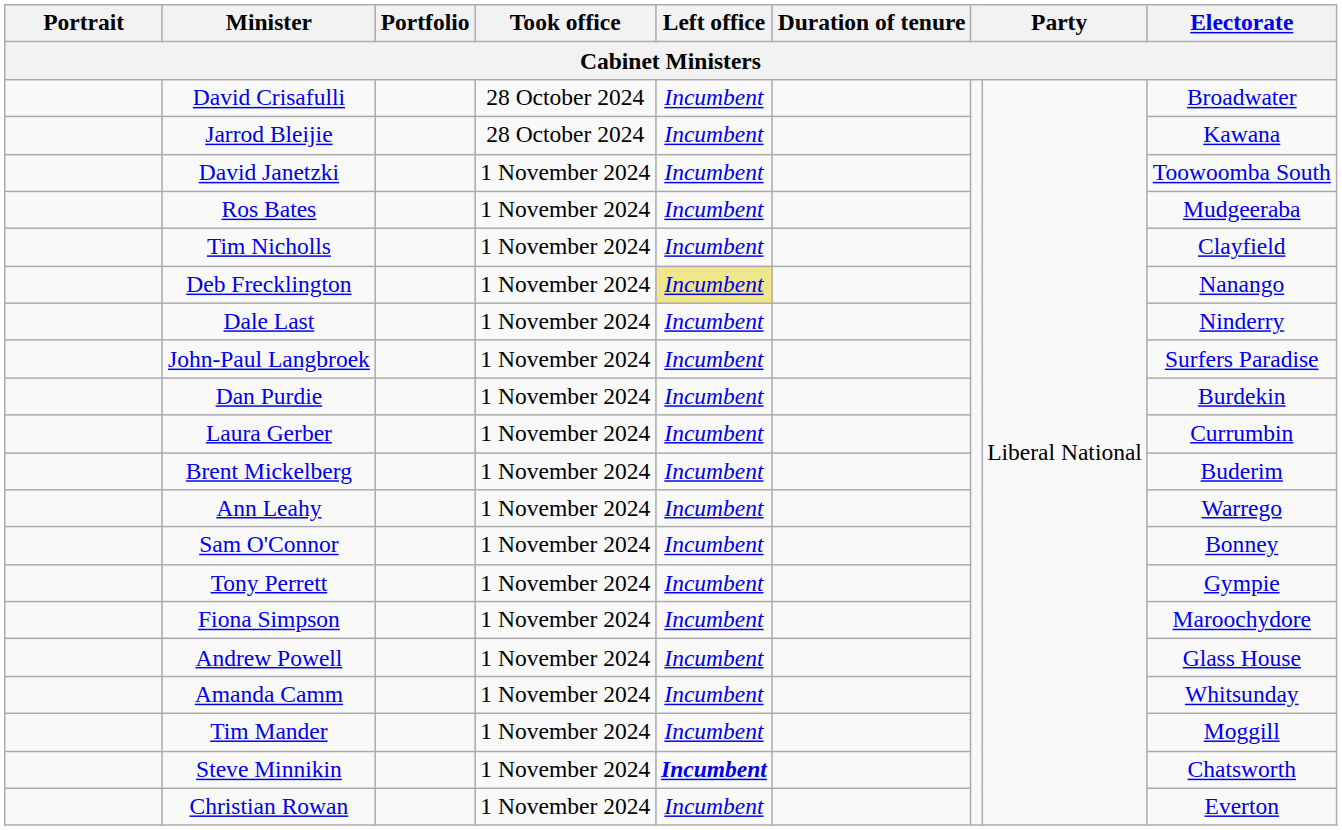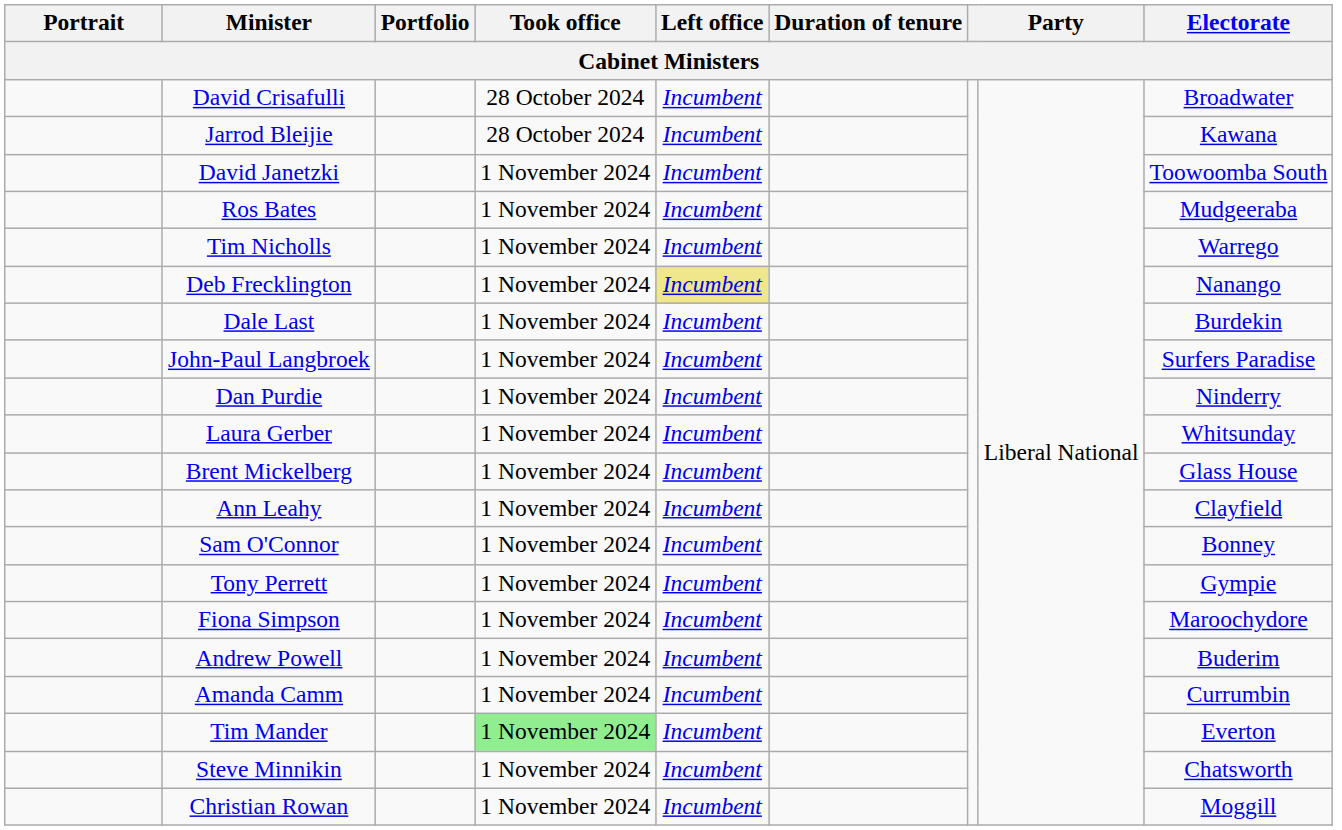 <table class="wikitable sortable" style="border:#555; text-align:center; ">
 <tr>
 <th class="unsortable" style="width:100px;">Portrait</th>
 <th>Minister</th>
 <th>Portfolio</th>
 <th>Took office</th>
 <th>Left office</th>
 <th>Duration of tenure</th>
 <th colspan="2" class="unsortable" style="width:5px;">Party</th>
 <th><a href='#'>Electorate</a></th>
 </tr>
 <tr>
 <th colspan="9">Cabinet Ministers</th>
 </tr>
 <tr>
 <td></td>
 <td><a href='#'>David Crisafulli</a></td>
 <td></td>
 <td>28 October 2024</td>
 <td><em><a href='#'>Incumbent</a></em></td>
 <td></td>
 <td rowspan=20; style="background-color: "></td>
 <td rowspan="20">Liberal National</td>
 <td><a href='#'>Broadwater</a></td>
 </tr>
 <tr>
 <td></td>
 <td><a href='#'>Jarrod Bleijie</a></td>
 <td></td>
 <td>28 October 2024</td>
 <td><em><a href='#'>Incumbent</a></em></td>
 <td></td>
 <td><a href='#'>Kawana</a></td>
 </tr>
 <tr>
 <td></td>
 <td><a href='#'>David Janetzki</a></td>
 <td></td>
 <td>1 November 2024</td>
 <td><em><a href='#'>Incumbent</a></em></td>
 <td></td>
 <td><a href='#'>Toowoomba South</a></td>
 </tr>
 <tr>
 <td></td>
 <td><a href='#'>Ros Bates</a></td>
 <td></td>
 <td>1 November 2024</td>
 <td><em><a href='#'>Incumbent</a></em></td>
 <td></td>
 <td><a href='#'>Mudgeeraba</a></td>
 </tr>
 <tr>
 <td></td>
 <td><a href='#'>Tim Nicholls</a></td>
 <td></td>
 <td>1 November 2024</td>
 <td><em><a href='#'>Incumbent</a></em></td>
 <td></td>
-<td><a href='#'>Clayfield</a></td>
+<td><a href='#'>Warrego</a></td>
 </tr>
 <tr>
 <td></td>
 <td><a href='#'>Deb Frecklington</a></td>
 <td></td>
 <td>1 November 2024</td>
 <td style="background: khaki;"><em><a href='#'>Incumbent</a></em></td>
 <td></td>
 <td><a href='#'>Nanango</a></td>
 </tr>
 <tr>
 <td></td>
 <td><a href='#'>Dale Last</a></td>
 <td></td>
 <td>1 November 2024</td>
 <td><em><a href='#'>Incumbent</a></em></td>
 <td></td>
-<td><a href='#'>Ninderry</a></td>
+<td><a href='#'>Burdekin</a></td>
 </tr>
 <tr>
 <td></td>
 <td><a href='#'>John-Paul Langbroek</a></td>
 <td></td>
 <td>1 November 2024</td>
 <td><em><a href='#'>Incumbent</a></em></td>
 <td></td>
 <td><a href='#'>Surfers Paradise</a></td>
 </tr>
 <tr>
 <td></td>
 <td><a href='#'>Dan Purdie</a></td>
 <td></td>
 <td>1 November 2024</td>
 <td><em><a href='#'>Incumbent</a></em></td>
 <td></td>
-<td><a href='#'>Burdekin</a></td>
+<td><a href='#'>Ninderry</a></td>
 </tr>
 <tr>
 <td></td>
 <td><a href='#'>Laura Gerber</a></td>
 <td></td>
 <td>1 November 2024</td>
 <td><em><a href='#'>Incumbent</a></em></td>
 <td></td>
-<td><a href='#'>Currumbin</a></td>
+<td><a href='#'>Whitsunday</a></td>
 </tr>
 <tr>
 <td></td>
 <td><a href='#'>Brent Mickelberg</a></td>
 <td></td>
 <td>1 November 2024</td>
 <td><em><a href='#'>Incumbent</a></em></td>
 <td></td>
-<td><a href='#'>Buderim</a></td>
+<td><a href='#'>Glass House</a></td>
 </tr>
 <tr>
 <td></td>
 <td><a href='#'>Ann Leahy</a></td>
 <td></td>
 <td>1 November 2024</td>
 <td><em><a href='#'>Incumbent</a></em></td>
 <td></td>
-<td><a href='#'>Warrego</a></td>
+<td><a href='#'>Clayfield</a></td>
 </tr>
 <tr>
 <td></td>
 <td><a href='#'>Sam O'Connor</a></td>
 <td></td>
 <td>1 November 2024</td>
 <td><em><a href='#'>Incumbent</a></em></td>
 <td></td>
 <td><a href='#'>Bonney</a></td>
 </tr>
 <tr>
 <td></td>
 <td><a href='#'>Tony Perrett</a></td>
 <td></td>
 <td>1 November 2024</td>
 <td><em><a href='#'>Incumbent</a></em></td>
 <td></td>
 <td><a href='#'>Gympie</a></td>
 </tr>
 <tr>
 <td></td>
 <td><a href='#'>Fiona Simpson</a></td>
 <td></td>
 <td>1 November 2024</td>
 <td><em><a href='#'>Incumbent</a></em></td>
 <td></td>
 <td><a href='#'>Maroochydore</a></td>
 </tr>
 <tr>
 <td></td>
 <td><a href='#'>Andrew Powell</a></td>
 <td></td>
 <td>1 November 2024</td>
 <td><em><a href='#'>Incumbent</a></em></td>
 <td></td>
-<td><a href='#'>Glass House</a></td>
+<td><a href='#'>Buderim</a></td>
 </tr>
 <tr>
 <td></td>
 <td><a href='#'>Amanda Camm</a></td>
 <td></td>
 <td>1 November 2024</td>
 <td><em><a href='#'>Incumbent</a></em></td>
 <td></td>
-<td><a href='#'>Whitsunday</a></td>
+<td><a href='#'>Currumbin</a></td>
 </tr>
 <tr>
 <td></td>
 <td><a href='#'>Tim Mander</a></td>
 <td></td>
-<td>1 November 2024</td>
+<td style="background: lightgreen;">1 November 2024</td>
 <td><em><a href='#'>Incumbent</a></em></td>
 <td></td>
-<td><a href='#'>Moggill</a></td>
+<td><a href='#'>Everton</a></td>
 </tr>
 <tr>
 <td></td>
 <td><a href='#'>Steve Minnikin</a></td>
 <td></td>
 <td>1 November 2024</td>
-<td><strong><em><a href='#'>Incumbent</a></em></strong></td>
+<td><em><a href='#'>Incumbent</a></em></td>
 <td></td>
 <td><a href='#'>Chatsworth</a></td>
 </tr>
 <tr>
 <td></td>
 <td><a href='#'>Christian Rowan</a></td>
 <td></td>
 <td>1 November 2024</td>
 <td><em><a href='#'>Incumbent</a></em></td>
 <td></td>
-<td><a href='#'>Everton</a></td>
+<td><a href='#'>Moggill</a></td>
 </tr>
 </table>
